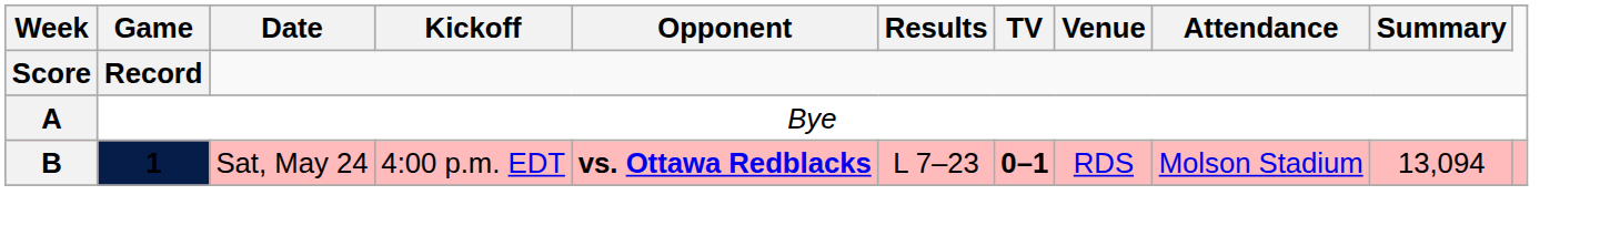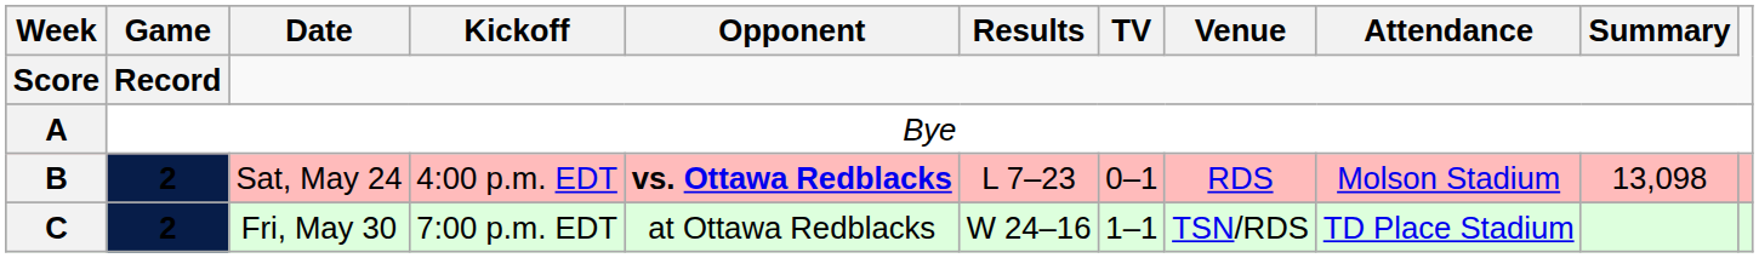 <table class="wikitable" style="font-size: 95%;">
 <tr>
 <th scope="col">Week</th>
 <th scope="col">Game</th>
 <th scope="col">Date</th>
 <th scope="col">Kickoff</th>
 <th scope="col">Opponent</th>
 <th scope="col">Results</th>
 <th scope="col">TV</th>
 <th scope="col">Venue</th>
 <th scope="col">Attendance</th>
 <th scope="col">Summary</th>
 </tr>
 <tr>
 <th scope="col">Score</th>
 <th scope="col">Record</th>
 </tr>
 <tr align="center"= bgcolor="ffffff">
 <th align="center"><strong>A</strong></th>
 <td colspan=10 align="center" valign="middle"><em>Bye</em></td>
 </tr>
 <tr align="center"= bgcolor="ffbbbb">
 <th align="center"><strong>B</strong></th>
-<th style="text-align:center; background:#071D49;"><span><strong>1</strong></span></th>
+<th style="text-align:center; background:#071D49;"><span><strong>2</strong></span></th>
 <td align="center">Sat, May 24</td>
 <td align="center">4:00 p.m. <a href='#'>EDT</a></td>
 <td align="center"><strong>vs. <a href='#'>Ottawa Redblacks</a></strong></td>
 <td align="center">L 7–23</td>
-<td align="center"><strong>0–1</strong></td>
+<td align="center">0–1</td>
 <td align="center"><a href='#'>RDS</a></td>
 <td align="center"><a href='#'>Molson Stadium</a></td>
-<td align="center">13,094</td>
+<td align="center">13,098</td>
+<td align="center"></td>
+</tr>
+<tr align="center"= bgcolor="ddffdd">
+<th align="center"><strong>C</strong></th>
+<th style="text-align:center; background:#071D49;"><span><strong>2</strong></span></th>
+<td align="center">Fri, May 30</td>
+<td align="center">7:00 p.m. EDT</td>
+<td align="center">at Ottawa Redblacks</td>
+<td align="center">W 24–16</td>
+<td align="center">1–1</td>
+<td align="center"><a href='#'>TSN</a>/RDS</td>
+<td align="center"><a href='#'>TD Place Stadium</a></td>
+<td align="center"></td>
 <td align="center"></td>
 </tr>
 </table>
